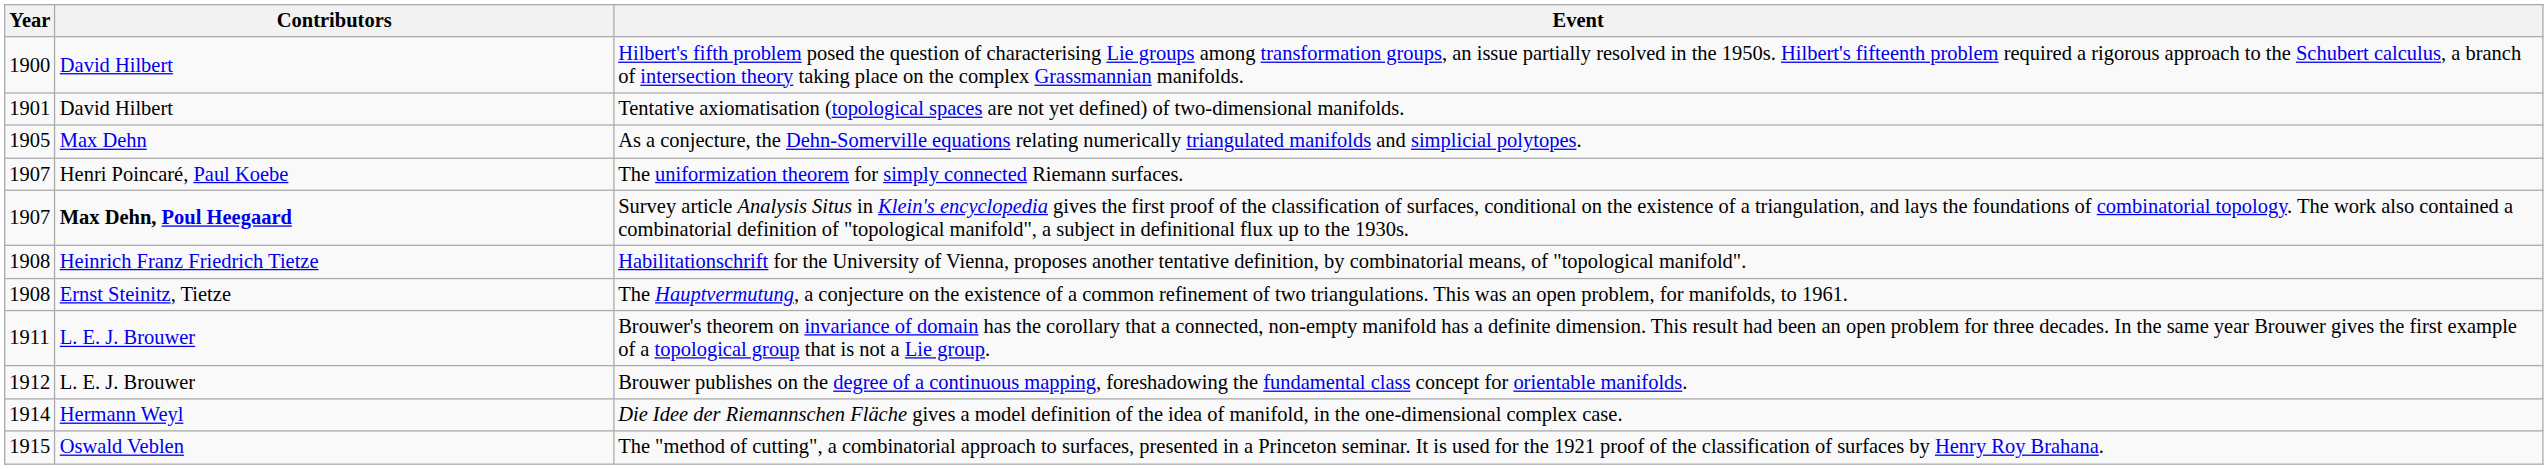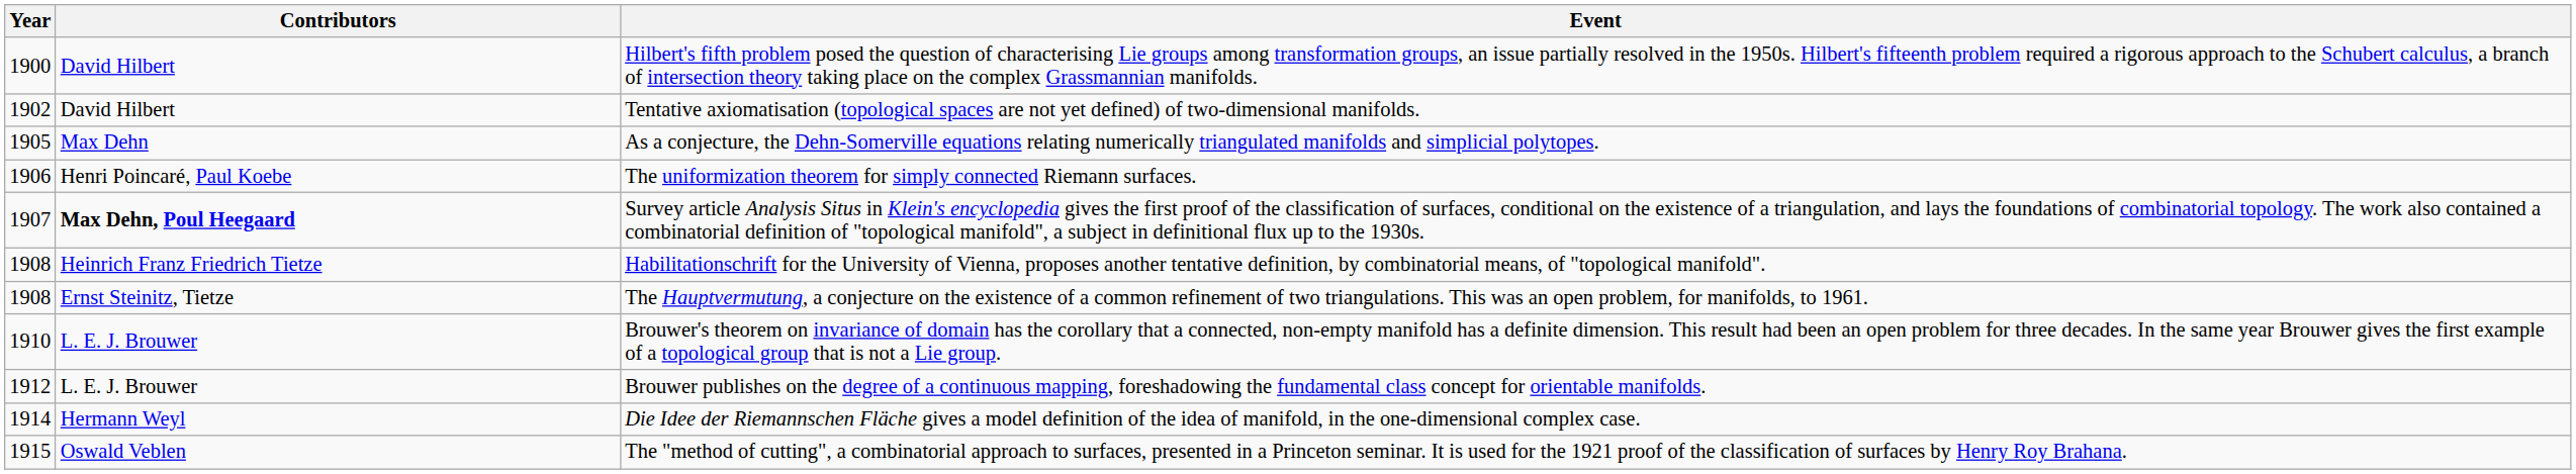 <table class="wikitable sortable" width="100%">
 <tr>
 <th>Year</th>
 <th style="width:22%">Contributors</th>
 <th>Event</th>
 </tr>
 <tr>
 <td>1900</td>
 <td><a href='#'>David Hilbert</a></td>
 <td><a href='#'>Hilbert's fifth problem</a> posed the question of characterising <a href='#'>Lie groups</a> among <a href='#'>transformation groups</a>, an issue partially resolved in the 1950s. <a href='#'>Hilbert's fifteenth problem</a> required a rigorous approach to the <a href='#'>Schubert calculus</a>, a branch of <a href='#'>intersection theory</a> taking place on the complex <a href='#'>Grassmannian</a> manifolds.</td>
 </tr>
 <tr>
-<td>1901</td>
+<td>1902</td>
 <td>David Hilbert</td>
 <td>Tentative axiomatisation (<a href='#'>topological spaces</a> are not yet defined) of two-dimensional manifolds.</td>
 </tr>
 <tr>
 <td>1905</td>
 <td><a href='#'>Max Dehn</a></td>
 <td>As a conjecture, the <a href='#'>Dehn-Somerville equations</a> relating numerically <a href='#'>triangulated manifolds</a> and <a href='#'>simplicial polytopes</a>.</td>
 </tr>
 <tr>
-<td>1907</td>
+<td>1906</td>
 <td>Henri Poincaré, <a href='#'>Paul Koebe</a></td>
 <td>The <a href='#'>uniformization theorem</a> for <a href='#'>simply connected</a> Riemann surfaces.</td>
 </tr>
 <tr>
 <td>1907</td>
 <td><strong>Max Dehn, <a href='#'>Poul Heegaard</a></strong></td>
 <td>Survey article <em>Analysis Situs</em> in <em><a href='#'>Klein's encyclopedia</a></em> gives the first proof of the classification of surfaces, conditional on the existence of a triangulation, and lays the foundations of <a href='#'>combinatorial topology</a>. The work also contained a combinatorial definition of "topological manifold", a subject in definitional flux up to the 1930s.</td>
 </tr>
 <tr>
 <td>1908</td>
 <td><a href='#'>Heinrich Franz Friedrich Tietze</a></td>
 <td><a href='#'>Habilitationschrift</a> for the University of Vienna, proposes another tentative definition, by combinatorial means, of "topological manifold".</td>
 </tr>
 <tr>
 <td>1908</td>
 <td><a href='#'>Ernst Steinitz</a>, Tietze</td>
 <td>The <em><a href='#'>Hauptvermutung</a></em>, a conjecture on the existence of a common refinement of two triangulations. This was an open problem, for manifolds, to 1961.</td>
 </tr>
 <tr>
-<td>1911</td>
+<td>1910</td>
 <td><a href='#'>L. E. J. Brouwer</a></td>
 <td>Brouwer's theorem on <a href='#'>invariance of domain</a> has the corollary that a connected, non-empty manifold has a definite dimension. This result had been an open problem for three decades. In the same year Brouwer gives the first example of a <a href='#'>topological group</a> that is not a <a href='#'>Lie group</a>.</td>
 </tr>
 <tr>
 <td>1912</td>
 <td>L. E. J. Brouwer</td>
 <td>Brouwer publishes on the <a href='#'>degree of a continuous mapping</a>, foreshadowing the <a href='#'>fundamental class</a> concept for <a href='#'>orientable manifolds</a>.</td>
 </tr>
 <tr>
 <td>1914</td>
 <td><a href='#'>Hermann Weyl</a></td>
 <td><em>Die Idee der Riemannschen Fläche</em> gives a model definition of the idea of manifold, in the one-dimensional complex case.</td>
 </tr>
 <tr>
 <td>1915</td>
 <td><a href='#'>Oswald Veblen</a></td>
 <td>The "method of cutting", a combinatorial approach to surfaces, presented in a Princeton seminar. It is used for the 1921 proof of the classification of surfaces by <a href='#'>Henry Roy Brahana</a>.</td>
 </tr>
 </table>
